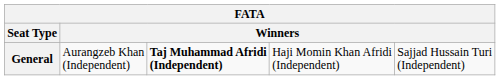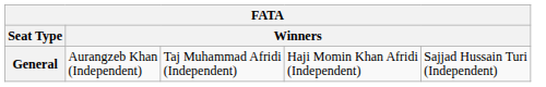 <table class="wikitable">
 <tr>
 <th colspan="5">FATA</th>
 </tr>
 <tr>
 <th>Seat Type</th>
 <th colspan="4">Winners</th>
 </tr>
 <tr>
 <th>General</th>
 <td style="background:">Aurangzeb Khan<br>(Independent)</td>
-<td style="background:"><strong>Taj Muhammad Afridi<br>(Independent)</strong></td>
+<td style="background:">Taj Muhammad Afridi<br>(Independent)</td>
 <td style="background:">Haji Momin Khan Afridi<br>(Independent)</td>
 <td style="background:">Sajjad Hussain Turi<br>(Independent)</td>
 </tr>
 </table>
